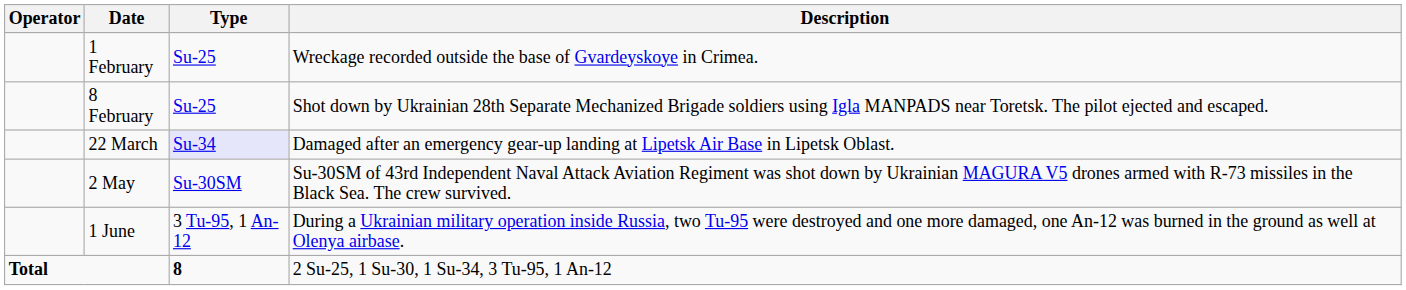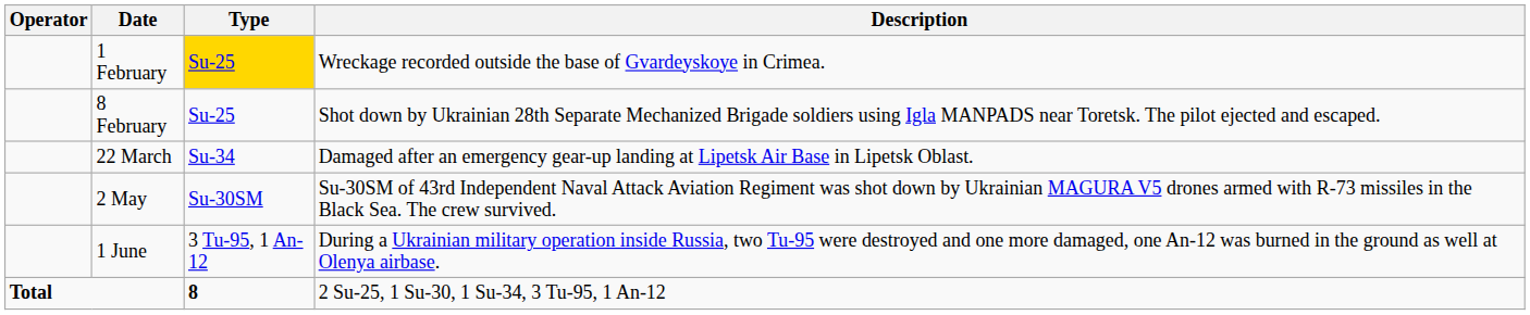 <table class="wikitable">
 <tr>
 <th>Operator</th>
 <th>Date</th>
 <th>Type</th>
 <th>Description</th>
 </tr>
 <tr>
 <td></td>
 <td>1 February</td>
-<td><a href='#'>Su-25</a></td>
+<td style="background: gold;"><a href='#'>Su-25</a></td>
 <td>Wreckage recorded outside the base of <a href='#'>Gvardeyskoye</a> in Crimea.</td>
 </tr>
 <tr>
 <td></td>
 <td>8 February</td>
 <td><a href='#'>Su-25</a></td>
 <td>Shot down by Ukrainian 28th Separate Mechanized Brigade soldiers using <a href='#'>Igla</a> MANPADS near Toretsk. The pilot ejected and escaped.</td>
 </tr>
 <tr>
 <td></td>
 <td>22 March</td>
-<td style="background: lavender;"><a href='#'>Su-34</a></td>
+<td><a href='#'>Su-34</a></td>
 <td>Damaged after an emergency gear-up landing at <a href='#'>Lipetsk Air Base</a> in Lipetsk Oblast.</td>
 </tr>
 <tr>
 <td></td>
 <td>2 May</td>
 <td><a href='#'>Su-30SM</a></td>
 <td>Su-30SM of 43rd Independent Naval Attack Aviation Regiment was shot down by Ukrainian <a href='#'>MAGURA V5</a> drones armed with R-73 missiles in the Black Sea. The crew survived.</td>
 </tr>
 <tr>
 <td></td>
 <td>1 June</td>
 <td>3 <a href='#'>Tu-95</a>, 1 <a href='#'>An-12</a></td>
 <td>During a <a href='#'>Ukrainian military operation inside Russia</a>, two <a href='#'>Tu-95</a> were destroyed and one more damaged, one An-12 was burned in the ground as well at <a href='#'>Olenya airbase</a>.</td>
 </tr>
 <tr>
 <td colspan="2"><strong>Total</strong></td>
 <td><strong>8</strong></td>
 <td>2 Su-25, 1 Su-30, 1 Su-34, 3 Tu-95, 1 An-12</td>
 </tr>
 </table>
